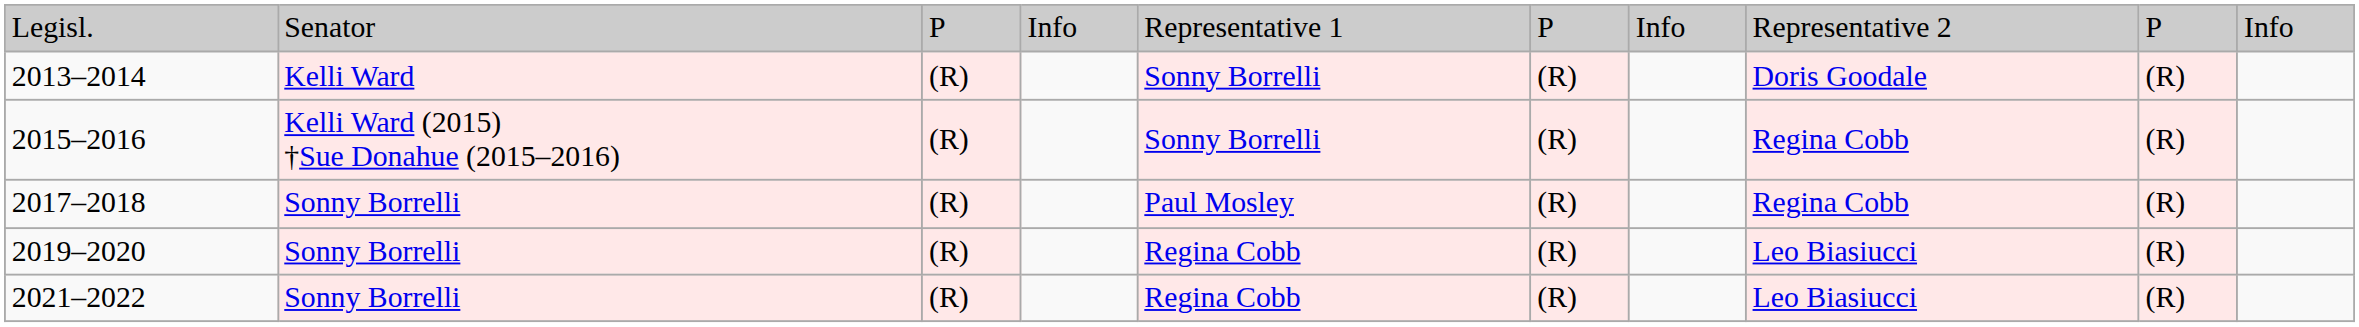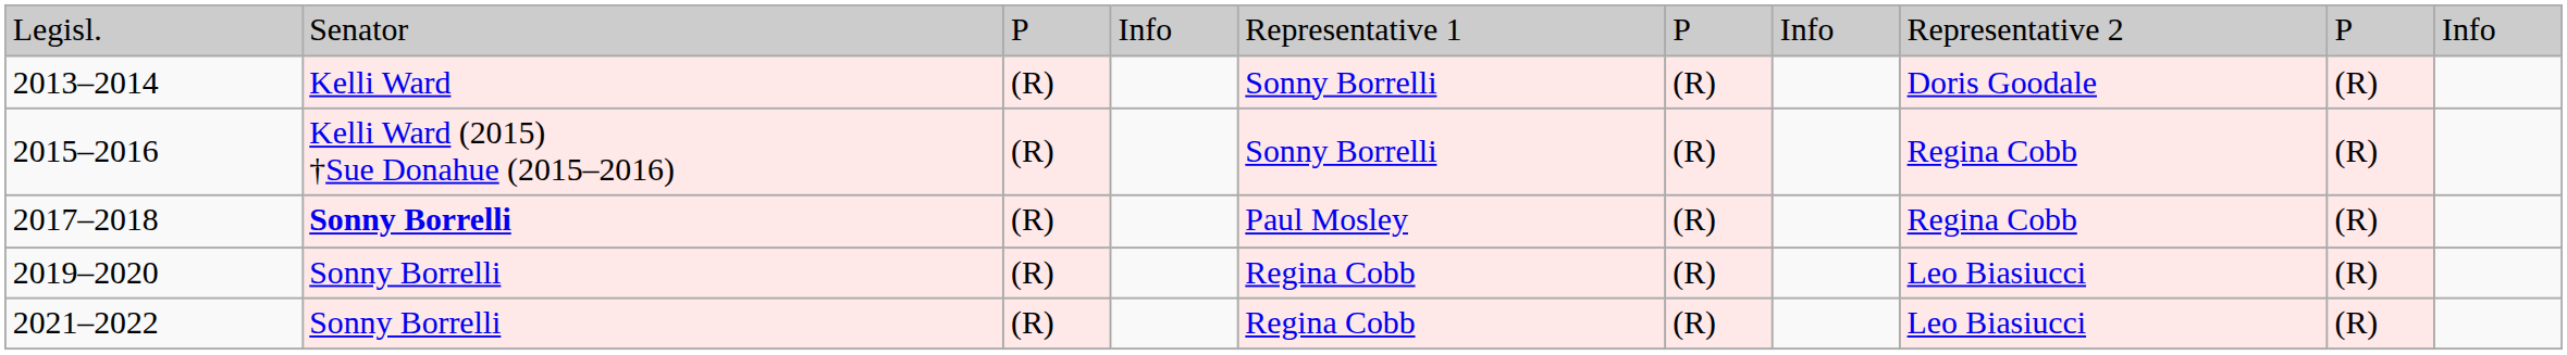 <table class=wikitable width="100%" border="1">
 <tr style="background-color:#cccccc;">
 <td>Legisl.</td>
 <td>Senator</td>
 <td>P</td>
 <td>Info</td>
 <td>Representative 1</td>
 <td>P</td>
 <td>Info</td>
 <td>Representative 2</td>
 <td>P</td>
 <td>Info</td>
 </tr>
 <tr>
 <td>2013–2014</td>
 <td style="background:#FFE8E8"><a href='#'>Kelli Ward</a></td>
 <td style="background:#FFE8E8">(R)</td>
 <td></td>
 <td style="background:#FFE8E8"><a href='#'>Sonny Borrelli</a></td>
 <td style="background:#FFE8E8">(R)</td>
 <td></td>
 <td style="background:#FFE8E8"><a href='#'>Doris Goodale</a></td>
 <td style="background:#FFE8E8">(R)</td>
 <td></td>
 </tr>
 <tr>
 <td>2015–2016</td>
 <td style="background:#FFE8E8"><a href='#'>Kelli Ward</a> (2015) <br> †<a href='#'>Sue Donahue</a> (2015–2016)</td>
 <td style="background:#FFE8E8">(R)</td>
 <td></td>
 <td style="background:#FFE8E8"><a href='#'>Sonny Borrelli</a></td>
 <td style="background:#FFE8E8">(R)</td>
 <td></td>
 <td style="background:#FFE8E8"><a href='#'>Regina Cobb</a></td>
 <td style="background:#FFE8E8">(R)</td>
 <td></td>
 </tr>
 <tr>
 <td>2017–2018</td>
-<td style="background:#FFE8E8"><a href='#'>Sonny Borrelli</a></td>
+<td style="background:#FFE8E8"><strong><a href='#'>Sonny Borrelli</a></strong></td>
 <td style="background:#FFE8E8">(R)</td>
 <td></td>
 <td style="background:#FFE8E8"><a href='#'>Paul Mosley</a></td>
 <td style="background:#FFE8E8">(R)</td>
 <td></td>
 <td style="background:#FFE8E8"><a href='#'>Regina Cobb</a></td>
 <td style="background:#FFE8E8">(R)</td>
 <td></td>
 </tr>
 <tr>
 <td>2019–2020</td>
 <td style="background:#FFE8E8"><a href='#'>Sonny Borrelli</a></td>
 <td style="background:#FFE8E8">(R)</td>
 <td></td>
 <td style="background:#FFE8E8"><a href='#'>Regina Cobb</a></td>
 <td style="background:#FFE8E8">(R)</td>
 <td></td>
 <td style="background:#FFE8E8"><a href='#'>Leo Biasiucci</a></td>
 <td style="background:#FFE8E8">(R)</td>
 <td></td>
 </tr>
 <tr>
 <td>2021–2022</td>
 <td style="background:#FFE8E8"><a href='#'>Sonny Borrelli</a></td>
 <td style="background:#FFE8E8">(R)</td>
 <td></td>
 <td style="background:#FFE8E8"><a href='#'>Regina Cobb</a></td>
 <td style="background:#FFE8E8">(R)</td>
 <td></td>
 <td style="background:#FFE8E8"><a href='#'>Leo Biasiucci</a></td>
 <td style="background:#FFE8E8">(R)</td>
 <td></td>
 </tr>
 </table>
